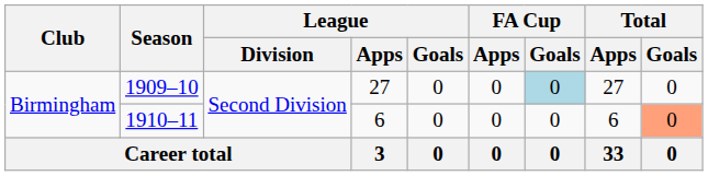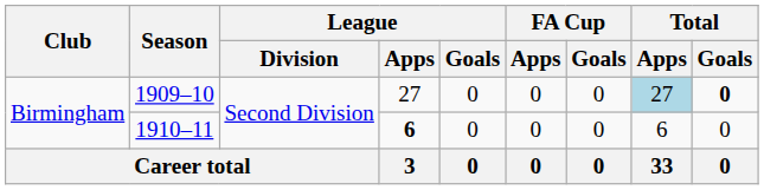 <table class="wikitable" style="text-align: center">
 <tr>
 <th rowspan="2">Club</th>
 <th rowspan="2">Season</th>
 <th colspan="3">League</th>
 <th colspan="2">FA Cup</th>
 <th colspan="2">Total</th>
 </tr>
 <tr>
 <th>Division</th>
 <th>Apps</th>
 <th>Goals</th>
 <th>Apps</th>
 <th>Goals</th>
 <th>Apps</th>
 <th>Goals</th>
 </tr>
 <tr>
 <td rowspan="2"><a href='#'>Birmingham</a></td>
 <td><a href='#'>1909–10</a></td>
 <td rowspan="2"><a href='#'>Second Division</a></td>
 <td>27</td>
 <td>0</td>
 <td>0</td>
-<td style="background: lightblue;">0</td>
-<td>27</td>
 <td>0</td>
+<td style="background: lightblue;">27</td>
+<td><strong>0</strong></td>
 </tr>
 <tr>
 <td><a href='#'>1910–11</a></td>
-<td>6</td>
+<td><strong>6</strong></td>
 <td>0</td>
 <td>0</td>
 <td>0</td>
 <td>6</td>
-<td style="background: lightsalmon;">0</td>
+<td>0</td>
 </tr>
 <tr>
 <th colspan="3">Career total</th>
 <th>3</th>
 <th>0</th>
 <th>0</th>
 <th>0</th>
 <th>33</th>
 <th>0</th>
 </tr>
 </table>
